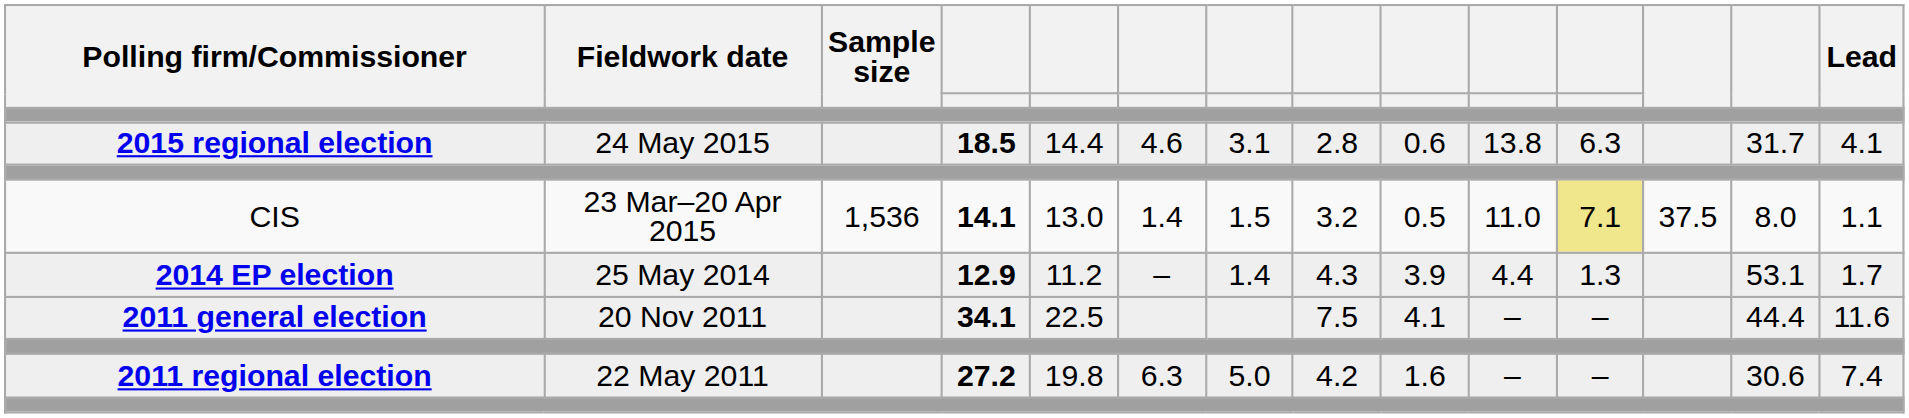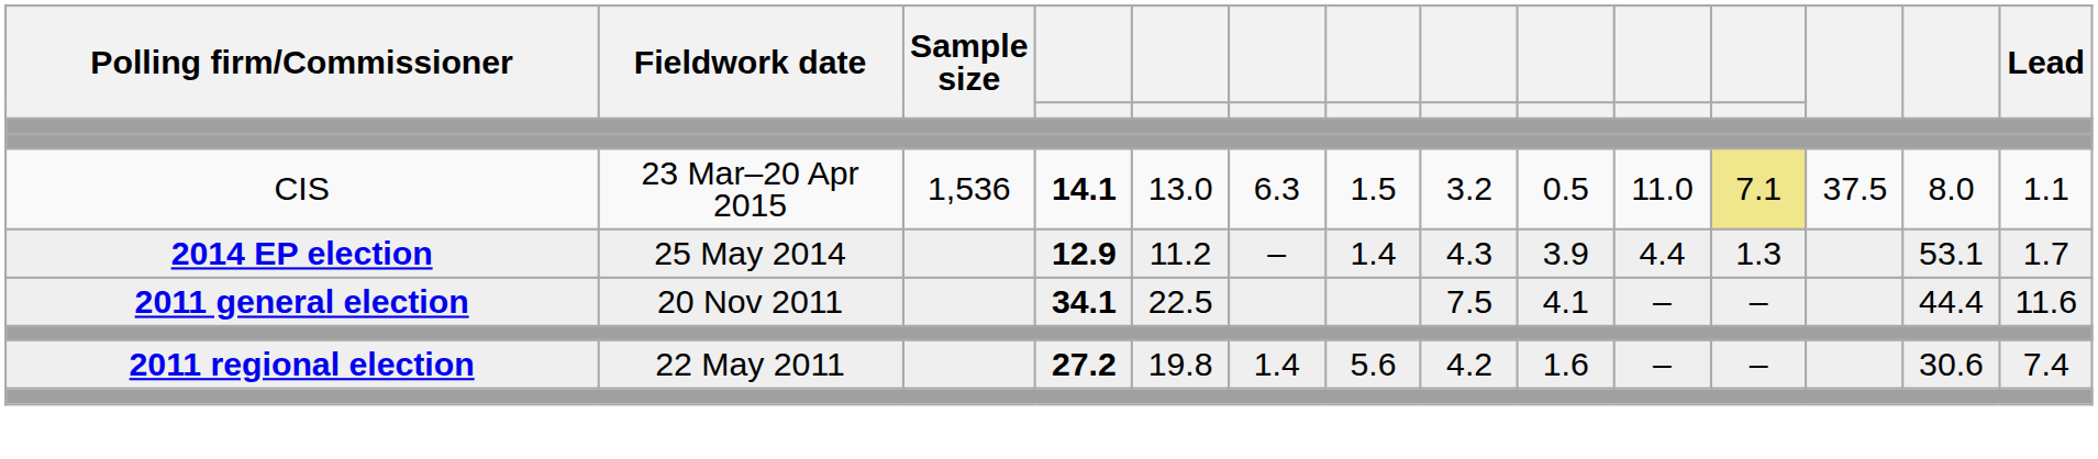 <table class="wikitable collapsible collapsed" style="text-align:center; font-size:90%; line-height:14px;">
 <tr style="height:42px;">
 <th style="width:250px;" rowspan="2">Polling firm/Commissioner</th>
 <th style="width:125px;" rowspan="2">Fieldwork date</th>
 <th style="width:50px;" rowspan="2">Sample size</th>
 <th style="width:35px;"></th>
 <th style="width:35px;"></th>
 <th style="width:35px;"></th>
 <th style="width:35px;"></th>
 <th style="width:35px;"></th>
 <th style="width:35px;"></th>
 <th style="width:35px;"></th>
 <th style="width:35px;"></th>
 <th style="width:35px;" rowspan="2"></th>
 <th style="width:35px;" rowspan="2"></th>
 <th style="width:30px;" rowspan="2">Lead</th>
 </tr>
 <tr>
 <th style="color:inherit;background:"></th>
 <th style="color:inherit;background:"></th>
 <th style="color:inherit;background:"></th>
 <th style="color:inherit;background:"></th>
 <th style="color:inherit;background:"></th>
 <th style="color:inherit;background:"></th>
 <th style="color:inherit;background:"></th>
 <th style="color:inherit;background:"></th>
 </tr>
 <tr>
 <td colspan="14" style="background:#A0A0A0"></td>
 </tr>
-<tr style="background:#EFEFEF;">
-<td><strong><a href='#'>2015 regional election</a></strong></td>
-<td>24 May 2015</td>
-<td></td>
-<td><strong>18.5</strong></td>
-<td>14.4</td>
-<td>4.6</td>
-<td>3.1</td>
-<td>2.8</td>
-<td>0.6</td>
-<td>13.8</td>
-<td>6.3</td>
-<td></td>
-<td>31.7</td>
-<td style="background:">4.1</td>
-</tr>
 <tr>
 <td colspan="14" style="background:#A0A0A0"></td>
 </tr>
 <tr>
 <td>CIS</td>
 <td>23 Mar–20 Apr 2015</td>
 <td>1,536</td>
 <td><strong>14.1</strong></td>
 <td>13.0</td>
-<td>1.4</td>
+<td>6.3</td>
 <td>1.5</td>
 <td>3.2</td>
 <td>0.5</td>
 <td>11.0</td>
 <td style="background: khaki;">7.1</td>
 <td>37.5</td>
 <td>8.0</td>
 <td style="background:">1.1</td>
 </tr>
 <tr style="background:#EFEFEF;">
 <td><strong><a href='#'>2014 EP election</a></strong></td>
 <td>25 May 2014</td>
 <td></td>
 <td><strong>12.9</strong></td>
 <td>11.2</td>
 <td>–</td>
 <td>1.4</td>
 <td>4.3</td>
 <td>3.9</td>
 <td>4.4</td>
 <td>1.3</td>
 <td></td>
 <td>53.1</td>
 <td style="background:">1.7</td>
 </tr>
 <tr style="background:#EFEFEF;">
 <td><strong><a href='#'>2011 general election</a></strong></td>
 <td>20 Nov 2011</td>
 <td></td>
 <td><strong>34.1</strong></td>
 <td>22.5</td>
 <td></td>
 <td></td>
 <td>7.5</td>
 <td>4.1</td>
 <td>–</td>
 <td>–</td>
 <td></td>
 <td>44.4</td>
 <td style="background:">11.6</td>
 </tr>
 <tr>
 <td colspan="14" style="background:#A0A0A0"></td>
 </tr>
 <tr style="background:#EFEFEF;">
 <td><strong><a href='#'>2011 regional election</a></strong></td>
 <td>22 May 2011</td>
 <td></td>
 <td><strong>27.2</strong></td>
 <td>19.8</td>
-<td>6.3</td>
-<td>5.0</td>
+<td>1.4</td>
+<td>5.6</td>
 <td>4.2</td>
 <td>1.6</td>
 <td>–</td>
 <td>–</td>
 <td></td>
 <td>30.6</td>
 <td style="background:">7.4</td>
 </tr>
 <tr>
 <td colspan="14" style="background:#A0A0A0"></td>
 </tr>
 </table>
